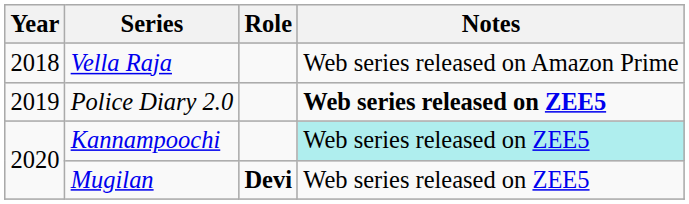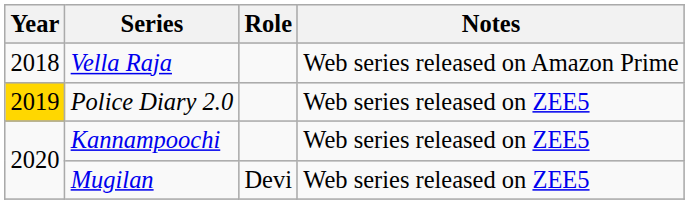 <table class="wikitable sortable">
 <tr>
 <th><strong>Year</strong></th>
 <th><strong>Series</strong></th>
 <th><strong>Role</strong></th>
 <th><strong>Notes</strong></th>
 </tr>
 <tr>
 <td>2018</td>
 <td><em><a href='#'>Vella Raja</a></em></td>
 <td></td>
 <td>Web series released on Amazon Prime</td>
 </tr>
 <tr>
-<td>2019</td>
+<td style="background: gold;">2019</td>
 <td><em>Police Diary 2.0</em></td>
 <td></td>
-<td><strong>Web series released on <a href='#'>ZEE5</a></strong></td>
+<td>Web series released on <a href='#'>ZEE5</a></td>
 </tr>
 <tr>
 <td rowspan="2">2020</td>
 <td><a href='#'><em>Kannampoochi</em></a></td>
 <td></td>
-<td style="background: paleturquoise;">Web series released on <a href='#'>ZEE5</a></td>
+<td>Web series released on <a href='#'>ZEE5</a></td>
 </tr>
 <tr>
 <td><em><a href='#'>Mugilan</a></em></td>
-<td><strong>Devi</strong></td>
+<td>Devi</td>
 <td>Web series released on <a href='#'>ZEE5</a></td>
 </tr>
 </table>
